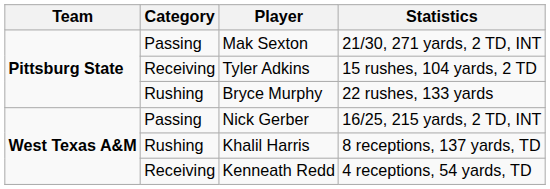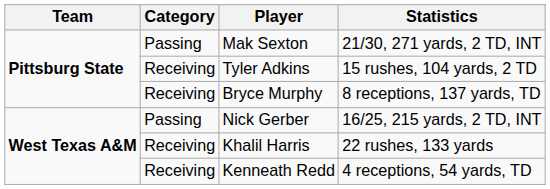 <table class="wikitable" style="float: right;">
 <tr>
 <th>Team</th>
 <th>Category</th>
 <th>Player</th>
 <th>Statistics</th>
 </tr>
 <tr>
 <td rowspan=3><strong>Pittsburg State</strong></td>
 <td>Passing</td>
 <td>Mak Sexton</td>
 <td>21/30, 271 yards, 2 TD, INT</td>
 </tr>
 <tr>
 <td>Receiving</td>
 <td>Tyler Adkins</td>
 <td>15 rushes, 104 yards, 2 TD</td>
 </tr>
 <tr>
-<td>Rushing</td>
+<td>Receiving</td>
 <td>Bryce Murphy</td>
-<td>22 rushes, 133 yards</td>
+<td>8 receptions, 137 yards, TD</td>
 </tr>
 <tr>
 <td rowspan=3><strong>West Texas A&M</strong></td>
 <td>Passing</td>
 <td>Nick Gerber</td>
 <td>16/25, 215 yards, 2 TD, INT</td>
 </tr>
 <tr>
-<td>Rushing</td>
+<td>Receiving</td>
 <td>Khalil Harris</td>
-<td>8 receptions, 137 yards, TD</td>
+<td>22 rushes, 133 yards</td>
 </tr>
 <tr>
 <td>Receiving</td>
 <td>Kenneath Redd</td>
 <td>4 receptions, 54 yards, TD</td>
 </tr>
 </table>
